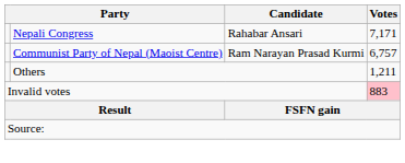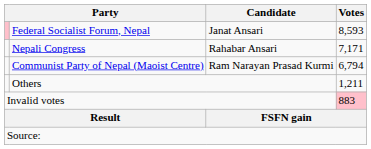 <table class="wikitable">
 <tr>
 <th colspan="2">Party</th>
 <th>Candidate</th>
 <th>Votes</th>
+</tr>
+<tr>
+<td style="background-color:#ffc0cb"></td>
+<td><a href='#'>Federal Socialist Forum, Nepal</a></td>
+<td>Janat Ansari</td>
+<td>8,593</td>
 </tr>
 <tr>
 <td style="background-color:"></td>
 <td><a href='#'>Nepali Congress</a></td>
 <td>Rahabar Ansari</td>
 <td>7,171</td>
 </tr>
 <tr>
 <td style="background-color:"></td>
 <td><a href='#'>Communist Party of Nepal (Maoist Centre)</a></td>
 <td>Ram Narayan Prasad Kurmi</td>
-<td>6,757</td>
+<td>6,794</td>
 </tr>
 <tr>
 <td></td>
 <td colspan="2">Others</td>
 <td>1,211</td>
 </tr>
 <tr>
 <td colspan="3">Invalid votes</td>
 <td style="background: pink;">883</td>
 </tr>
 <tr>
 <th colspan="2">Result</th>
 <th colspan="2">FSFN gain</th>
 </tr>
 <tr>
 <td colspan="4">Source: </td>
 </tr>
 </table>
